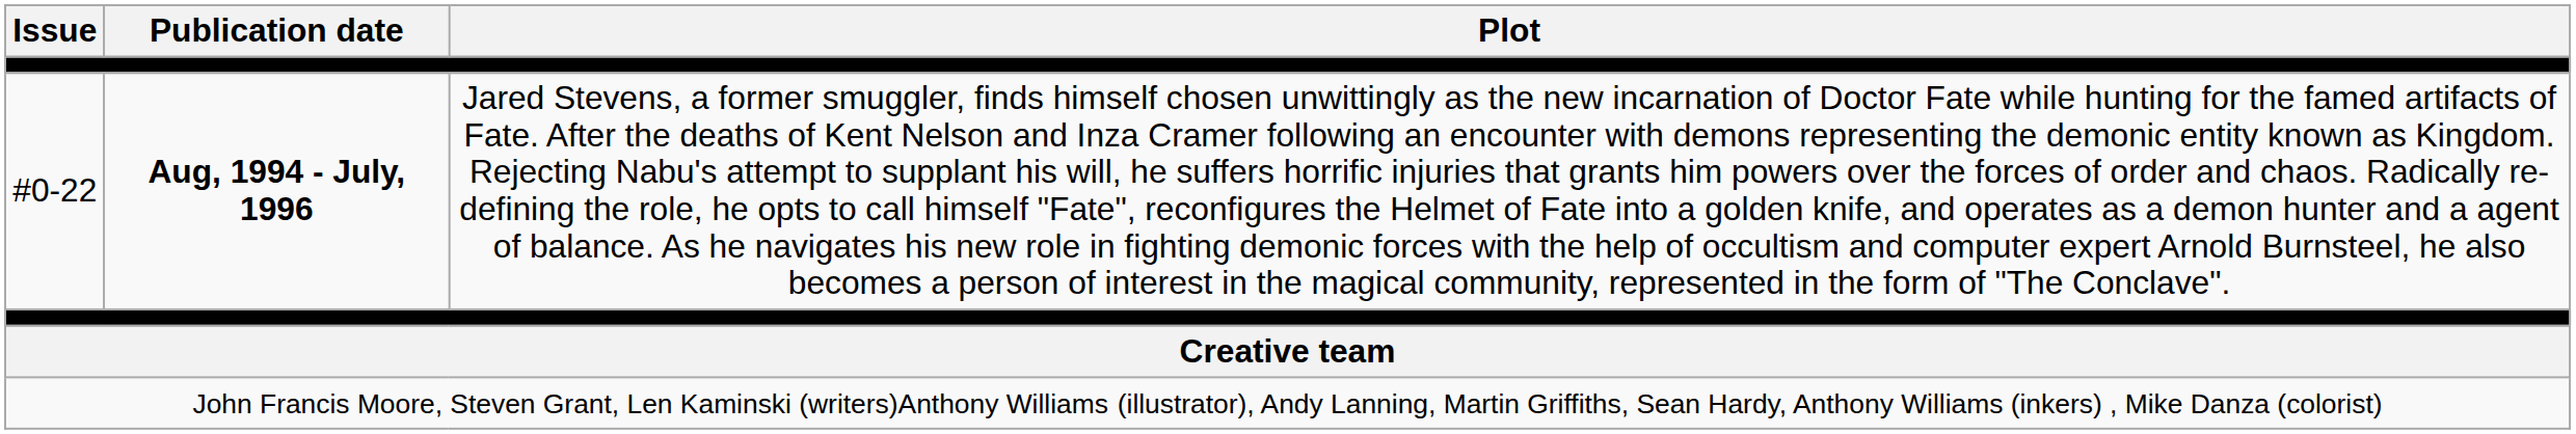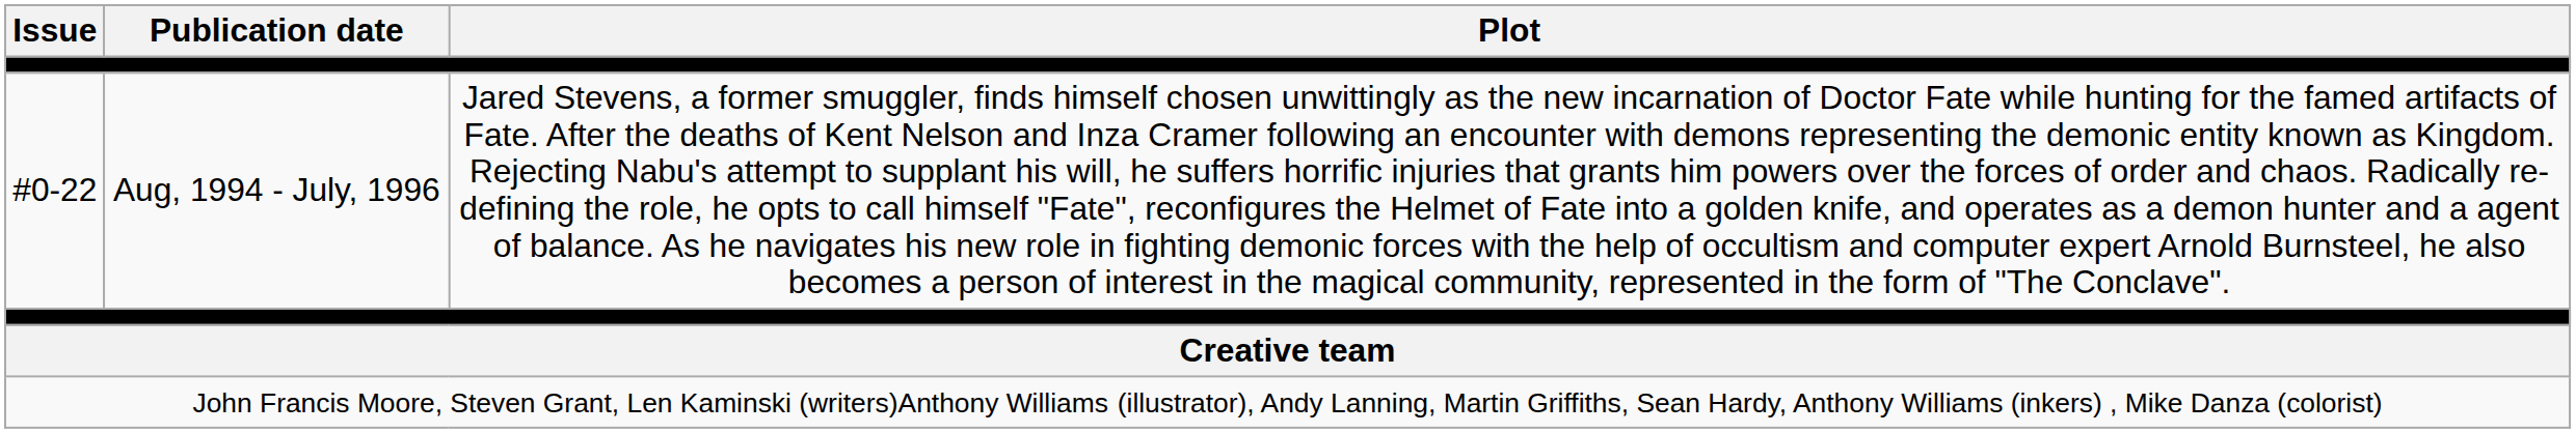 <table class="wikitable" style="text-align: center">
 <tr>
 <th>Issue</th>
 <th style="width: 10em">Publication date</th>
 <th>Plot</th>
 </tr>
 <tr>
 <td colspan="3" style="background:#000000"></td>
 </tr>
 <tr>
 <td>#0-22</td>
-<td><strong>Aug, 1994 - July, 1996</strong></td>
+<td>Aug, 1994 - July, 1996</td>
 <td>Jared Stevens, a former smuggler, finds himself chosen unwittingly as the new incarnation of Doctor Fate while hunting for the famed artifacts of Fate. After the deaths of Kent Nelson and Inza Cramer following an encounter with demons representing the demonic entity known as Kingdom. Rejecting Nabu's attempt to supplant his will, he suffers horrific injuries that grants him powers over the forces of order and chaos. Radically re-defining the role, he opts to call himself "Fate", reconfigures the Helmet of Fate into a golden knife, and operates as a demon hunter and a agent of balance. As he navigates his new role in fighting demonic forces with the help of occultism and computer expert Arnold Burnsteel, he also becomes a person of interest in the magical community, represented in the form of "The Conclave".</td>
 </tr>
 <tr>
 <td colspan="3" style="background:#000000"></td>
 </tr>
 <tr>
 <th colspan="3">Creative team</th>
 </tr>
 <tr>
 <td colspan="3"><small>John Francis Moore, Steven Grant, Len Kaminski (writers)</small><small>Anthony Williams</small> <small>(illustrator), Andy Lanning, Martin Griffiths, Sean Hardy, Anthony Williams (inkers) , Mike Danza (colorist)</small></td>
 </tr>
 </table>
